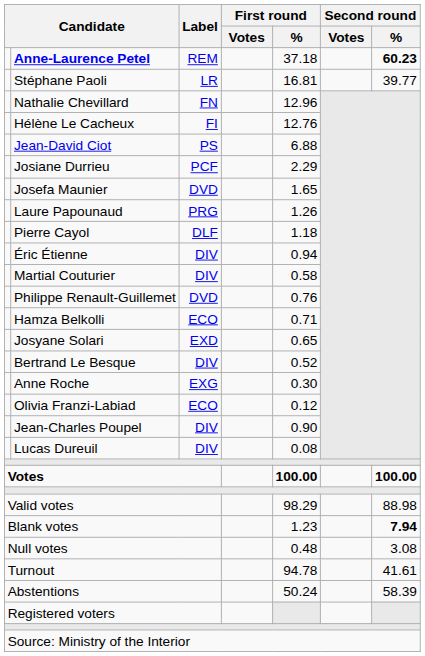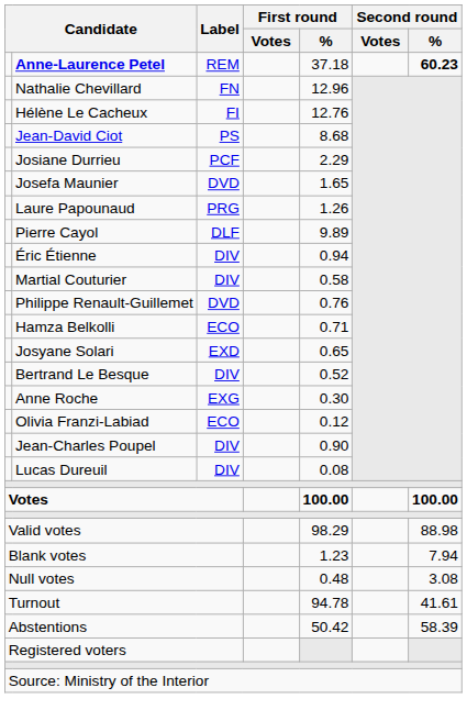 <table class="wikitable" style="text-align:right;font-size:95%;">
 <tr>
 <th rowspan="2" colspan="2">Candidate</th>
 <th rowspan="2">Label</th>
 <th colspan="2">First round</th>
 <th colspan="2">Second round</th>
 </tr>
 <tr>
 <th style="width:50px;">Votes</th>
 <th style="width:45px;">%</th>
 <th style="width:50px;">Votes</th>
 <th style="width:45px;">%</th>
 </tr>
 <tr>
 <td style="color:inherit;background:"></td>
 <td style="text-align:left;"><strong><a href='#'>Anne-Laurence Petel</a></strong></td>
 <td><a href='#'>REM</a></td>
 <td></td>
 <td>37.18</td>
 <td><strong></strong></td>
 <td><strong>60.23</strong></td>
 </tr>
 <tr>
 <td style="color:inherit;background:"></td>
-<td style="text-align:left;">Stéphane Paoli</td>
-<td><a href='#'>LR</a></td>
-<td></td>
-<td>16.81</td>
-<td></td>
-<td>39.77</td>
-</tr>
-<tr>
-<td style="color:inherit;background:"></td>
 <td style="text-align:left;">Nathalie Chevillard</td>
 <td><a href='#'>FN</a></td>
 <td></td>
 <td>12.96</td>
 <td colspan="2" rowspan="17" style="background:#E9E9E9;"></td>
 </tr>
 <tr>
 <td style="color:inherit;background:"></td>
 <td style="text-align:left;">Hélène Le Cacheux</td>
 <td><a href='#'>FI</a></td>
 <td></td>
 <td>12.76</td>
 </tr>
 <tr>
 <td style="color:inherit;background:"></td>
 <td style="text-align:left;"><a href='#'>Jean-David Ciot</a></td>
 <td><a href='#'>PS</a></td>
 <td></td>
-<td>6.88</td>
+<td>8.68</td>
 </tr>
 <tr>
 <td style="color:inherit;background:"></td>
 <td style="text-align:left;">Josiane Durrieu</td>
 <td><a href='#'>PCF</a></td>
 <td></td>
 <td>2.29</td>
 </tr>
 <tr>
 <td style="color:inherit;background:"></td>
 <td style="text-align:left;">Josefa Maunier</td>
 <td><a href='#'>DVD</a></td>
 <td></td>
 <td>1.65</td>
 </tr>
 <tr>
 <td style="color:inherit;background:"></td>
 <td style="text-align:left;">Laure Papounaud</td>
 <td><a href='#'>PRG</a></td>
 <td></td>
 <td>1.26</td>
 </tr>
 <tr>
 <td style="color:inherit;background:"></td>
 <td style="text-align:left;">Pierre Cayol</td>
 <td><a href='#'>DLF</a></td>
 <td></td>
-<td>1.18</td>
+<td>9.89</td>
 </tr>
 <tr>
 <td style="color:inherit;background:"></td>
 <td style="text-align:left;">Éric Étienne</td>
 <td><a href='#'>DIV</a></td>
 <td></td>
 <td>0.94</td>
 </tr>
 <tr>
 <td style="color:inherit;background:"></td>
 <td style="text-align:left;">Martial Couturier</td>
 <td><a href='#'>DIV</a></td>
 <td></td>
 <td>0.58</td>
 </tr>
 <tr>
 <td style="color:inherit;background:"></td>
 <td style="text-align:left;">Philippe Renault-Guillemet</td>
 <td><a href='#'>DVD</a></td>
 <td></td>
 <td>0.76</td>
 </tr>
 <tr>
 <td style="color:inherit;background:"></td>
 <td style="text-align:left;">Hamza Belkolli</td>
 <td><a href='#'>ECO</a></td>
 <td></td>
 <td>0.71</td>
 </tr>
 <tr>
 <td style="color:inherit;background:"></td>
 <td style="text-align:left;">Josyane Solari</td>
 <td><a href='#'>EXD</a></td>
 <td></td>
 <td>0.65</td>
 </tr>
 <tr>
 <td style="color:inherit;background:"></td>
 <td style="text-align:left;">Bertrand Le Besque</td>
 <td><a href='#'>DIV</a></td>
 <td></td>
 <td>0.52</td>
 </tr>
 <tr>
 <td style="color:inherit;background:"></td>
 <td style="text-align:left;">Anne Roche</td>
 <td><a href='#'>EXG</a></td>
 <td></td>
 <td>0.30</td>
 </tr>
 <tr>
 <td style="color:inherit;background:"></td>
 <td style="text-align:left;">Olivia Franzi-Labiad</td>
 <td><a href='#'>ECO</a></td>
 <td></td>
 <td>0.12</td>
 </tr>
 <tr>
 <td style="color:inherit;background:"></td>
 <td style="text-align:left;">Jean-Charles Poupel</td>
 <td><a href='#'>DIV</a></td>
 <td></td>
 <td>0.90</td>
 </tr>
 <tr>
 <td style="color:inherit;background:"></td>
 <td style="text-align:left;">Lucas Dureuil</td>
 <td><a href='#'>DIV</a></td>
 <td></td>
 <td>0.08</td>
 </tr>
 <tr>
 <td colspan="7" style="background:#E9E9E9;"></td>
 </tr>
 <tr style="font-weight:bold;">
 <td colspan="3" style="text-align:left;">Votes</td>
 <td></td>
 <td>100.00</td>
 <td></td>
 <td>100.00</td>
 </tr>
 <tr>
 <td colspan="7" style="background:#E9E9E9;"></td>
 </tr>
 <tr>
 <td colspan="3" style="text-align:left;">Valid votes</td>
 <td></td>
 <td>98.29</td>
 <td></td>
 <td>88.98</td>
 </tr>
 <tr>
 <td colspan="3" style="text-align:left;">Blank votes</td>
 <td></td>
 <td>1.23</td>
 <td></td>
-<td><strong>7.94</strong></td>
+<td>7.94</td>
 </tr>
 <tr>
 <td colspan="3" style="text-align:left;">Null votes</td>
 <td></td>
 <td>0.48</td>
 <td></td>
 <td>3.08</td>
 </tr>
 <tr>
 <td colspan="3" style="text-align:left;">Turnout</td>
 <td></td>
 <td>94.78</td>
 <td></td>
 <td>41.61</td>
 </tr>
 <tr>
 <td colspan="3" style="text-align:left;">Abstentions</td>
 <td></td>
-<td>50.24</td>
+<td>50.42</td>
 <td></td>
 <td>58.39</td>
 </tr>
 <tr>
 <td colspan="3" style="text-align:left;">Registered voters</td>
 <td></td>
 <td style="color:inherit;background:#E9E9E9;"></td>
 <td></td>
 <td style="color:inherit;background:#E9E9E9;"></td>
 </tr>
 <tr>
 <td colspan="7" style="background:#E9E9E9;"></td>
 </tr>
 <tr>
 <td colspan="7" style="text-align:left;">Source: Ministry of the Interior</td>
 </tr>
 </table>
